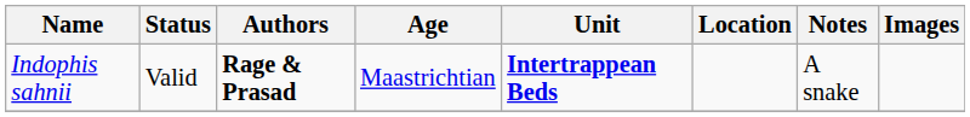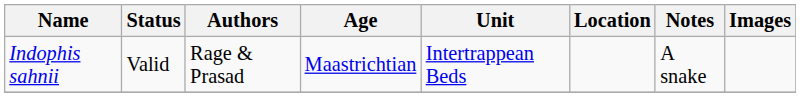 <table class="wikitable sortable" align="center" width="100%">
 <tr>
 <th>Name</th>
 <th>Status</th>
 <th>Authors</th>
 <th>Age</th>
 <th>Unit</th>
 <th>Location</th>
 <th class="unsortable">Notes</th>
 <th class="unsortable">Images</th>
 </tr>
 <tr>
 <td><em><a href='#'>Indophis sahnii</a></em></td>
 <td>Valid</td>
-<td><strong>Rage & Prasad</strong></td>
+<td>Rage & Prasad</td>
 <td><a href='#'>Maastrichtian</a></td>
-<td><strong><a href='#'>Intertrappean Beds</a></strong></td>
+<td><a href='#'>Intertrappean Beds</a></td>
 <td></td>
 <td>A snake</td>
 <td></td>
 </tr>
 <tr>
 </tr>
 </table>
